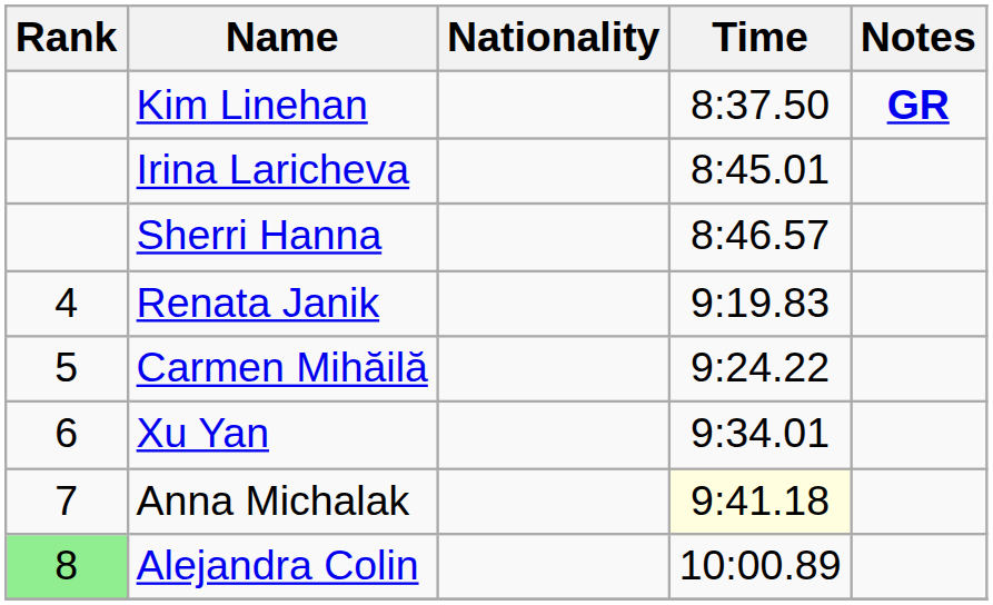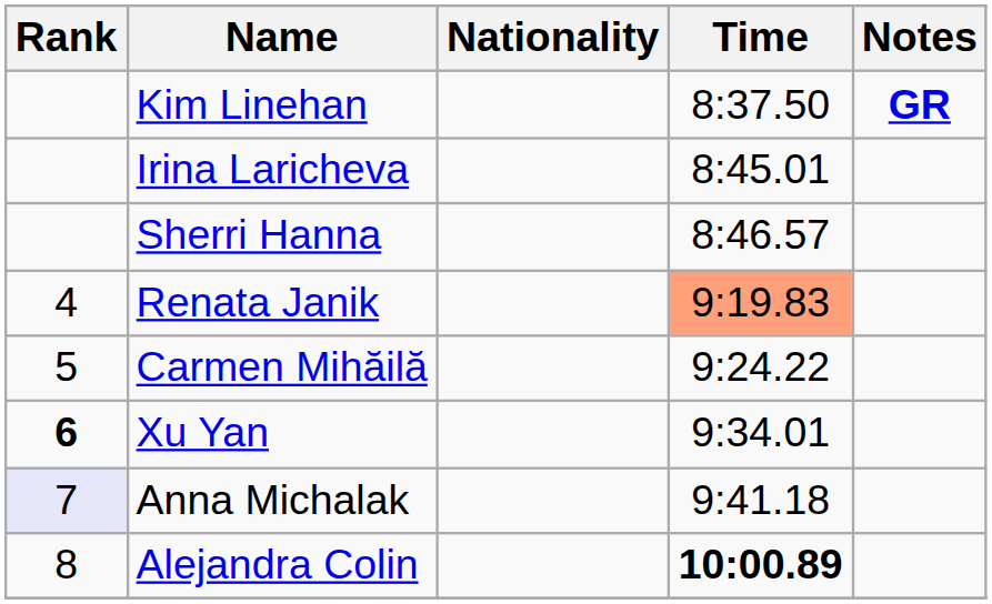 <table class="wikitable sortable" style="text-align:center">
 <tr>
 <th>Rank</th>
 <th>Name</th>
 <th>Nationality</th>
 <th>Time</th>
 <th>Notes</th>
 </tr>
 <tr>
 <td></td>
 <td align="left"><a href='#'>Kim Linehan</a></td>
 <td align="left"></td>
 <td>8:37.50</td>
 <td><strong><a href='#'>GR</a></strong></td>
 </tr>
 <tr>
 <td></td>
 <td align="left"><a href='#'>Irina Laricheva</a></td>
 <td align="left"></td>
 <td>8:45.01</td>
 <td></td>
 </tr>
 <tr>
 <td></td>
 <td align="left"><a href='#'>Sherri Hanna</a></td>
 <td align="left"></td>
 <td>8:46.57</td>
 <td></td>
 </tr>
 <tr>
 <td>4</td>
 <td align="left"><a href='#'>Renata Janik</a></td>
 <td align="left"></td>
-<td>9:19.83</td>
+<td style="background: lightsalmon;">9:19.83</td>
 <td></td>
 </tr>
 <tr>
 <td>5</td>
 <td align="left"><a href='#'>Carmen Mihăilă</a></td>
 <td align="left"></td>
 <td>9:24.22</td>
 <td></td>
 </tr>
 <tr>
-<td>6</td>
+<td><strong>6</strong></td>
 <td align="left"><a href='#'>Xu Yan</a></td>
 <td align="left"></td>
 <td>9:34.01</td>
 <td></td>
 </tr>
 <tr>
-<td>7</td>
+<td style="background: lavender;">7</td>
 <td align="left">Anna Michalak</td>
 <td align="left"></td>
-<td style="background: lightyellow;">9:41.18</td>
+<td>9:41.18</td>
 <td></td>
 </tr>
 <tr>
-<td style="background: lightgreen;">8</td>
+<td>8</td>
 <td align="left"><a href='#'>Alejandra Colin</a></td>
 <td align="left"></td>
-<td>10:00.89</td>
+<td><strong>10:00.89</strong></td>
 <td></td>
 </tr>
 <tr>
 </tr>
 </table>
